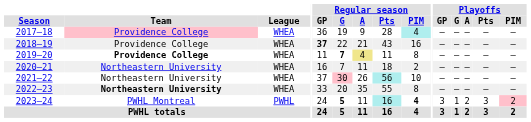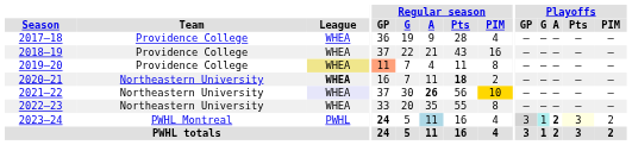 <table border="0" cellpadding="1" cellspacing="0" style="text-align:center; width:60em">
 <tr bgcolor="#e0e0e0">
 <th colspan="3" bgcolor="#ffffff"></th>
 <th rowspan="97" bgcolor="#ffffff"></th>
 <th colspan="5"><a href='#'>Regular season</a></th>
 <th rowspan="97" bgcolor="#ffffff"></th>
 <th colspan="5"><a href='#'>Playoffs</a></th>
 </tr>
 <tr bgcolor="#e0e0e0">
 <th><a href='#'>Season</a></th>
 <th>Team</th>
 <th>League</th>
 <th>GP</th>
 <th><a href='#'>G</a></th>
 <th><a href='#'>A</a></th>
 <th><a href='#'>Pts</a></th>
 <th><a href='#'>PIM</a></th>
 <th>GP</th>
 <th>G</th>
 <th>A</th>
 <th>Pts</th>
 <th>PIM</th>
 </tr>
 <tr>
 <td><a href='#'>2017–18</a></td>
-<td style="background: pink;"><a href='#'>Providence College</a></td>
+<td><a href='#'>Providence College</a></td>
 <td><a href='#'>WHEA</a></td>
 <td>36</td>
 <td>19</td>
 <td>9</td>
 <td>28</td>
-<td style="background: paleturquoise;">4</td>
+<td>4</td>
 <td>—</td>
 <td>—</td>
 <td>—</td>
 <td>—</td>
 <td>—</td>
 </tr>
 <tr bgcolor="#f0f0f0">
 <td><a href='#'>2018–19</a></td>
 <td>Providence College</td>
 <td>WHEA</td>
-<td><strong>37</strong></td>
+<td>37</td>
 <td>22</td>
 <td>21</td>
 <td>43</td>
 <td>16</td>
 <td>—</td>
 <td>—</td>
 <td>—</td>
 <td>—</td>
 <td>—</td>
 </tr>
 <tr>
 <td><a href='#'>2019–20</a></td>
-<td><strong>Providence College</strong></td>
-<td>WHEA</td>
-<td>11</td>
-<td><strong>7</strong></td>
-<td style="background: khaki;">4</td>
+<td>Providence College</td>
+<td style="background: khaki;">WHEA</td>
+<td style="background: lightsalmon;">11</td>
+<td>7</td>
+<td>4</td>
 <td>11</td>
 <td>8</td>
 <td>—</td>
 <td>—</td>
 <td>—</td>
 <td>—</td>
 <td>—</td>
 </tr>
 <tr bgcolor="#f0f0f0">
 <td><a href='#'>2020–21</a></td>
 <td><a href='#'>Northeastern University</a></td>
-<td>WHEA</td>
+<td><strong>WHEA</strong></td>
 <td>16</td>
 <td>7</td>
 <td>11</td>
-<td>18</td>
+<td><strong>18</strong></td>
 <td>2</td>
 <td>—</td>
 <td>—</td>
 <td>—</td>
 <td>—</td>
 <td>—</td>
 </tr>
 <tr>
 <td><a href='#'>2021–22</a></td>
 <td>Northeastern University</td>
-<td>WHEA</td>
+<td style="background: lavender;">WHEA</td>
 <td>37</td>
-<td style="background: pink;">30</td>
-<td>26</td>
-<td style="background: paleturquoise;">56</td>
-<td>10</td>
+<td>30</td>
+<td><strong>26</strong></td>
+<td>56</td>
+<td style="background: gold;">10</td>
 <td>—</td>
 <td>—</td>
 <td>—</td>
 <td>—</td>
 <td>—</td>
 </tr>
 <tr bgcolor="#f0f0f0">
 <td><a href='#'>2022–23</a></td>
-<td><strong>Northeastern University</strong></td>
+<td>Northeastern University</td>
 <td>WHEA</td>
 <td>33</td>
 <td>20</td>
 <td>35</td>
 <td>55</td>
 <td>8</td>
 <td>—</td>
 <td>—</td>
 <td>—</td>
 <td>—</td>
 <td>—</td>
 </tr>
 <tr>
 <td><a href='#'>2023–24</a></td>
 <td><a href='#'>PWHL Montreal</a></td>
 <td><a href='#'>PWHL</a></td>
-<td>24</td>
-<td><strong>5</strong></td>
-<td>11</td>
-<td style="background: paleturquoise;">16</td>
-<td><strong>4</strong></td>
-<td>3</td>
-<td>1</td>
+<td><strong>24</strong></td>
+<td>5</td>
+<td style="background: lightblue;">11</td>
+<td>16</td>
+<td>4</td>
+<td style="background: lightgrey;">3</td>
+<td style="background: paleturquoise;">1</td>
+<td><strong>2</strong></td>
+<td style="background: lightyellow;">3</td>
 <td>2</td>
-<td>3</td>
-<td style="background: pink;">2</td>
 </tr>
 <tr bgcolor="#e0e0e0">
 <th colspan="3">PWHL totals</th>
 <th>24</th>
 <th>5</th>
 <th>11</th>
 <th>16</th>
 <th>4</th>
 <th>3</th>
 <th>1</th>
 <th>2</th>
 <th>3</th>
 <th>2</th>
 </tr>
 </table>
